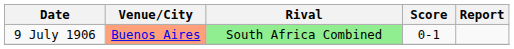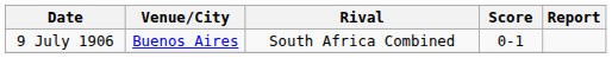 <table class="wikitable" style="text-align:center">
 <tr>
 <th width=100px>Date</th>
 <th width=100px>Venue/City</th>
 <th width=200px>Rival</th>
 <th width=50px>Score</th>
 <th width=50px>Report</th>
 </tr>
 <tr>
 <td>9 July 1906</td>
-<td style="background: lightsalmon;"><a href='#'>Buenos Aires</a></td>
-<td style="background: lightgreen;">South Africa Combined</td>
+<td><a href='#'>Buenos Aires</a></td>
+<td>South Africa Combined</td>
 <td>0-1</td>
 <td></td>
 </tr>
 <tr>
 </tr>
 </table>
